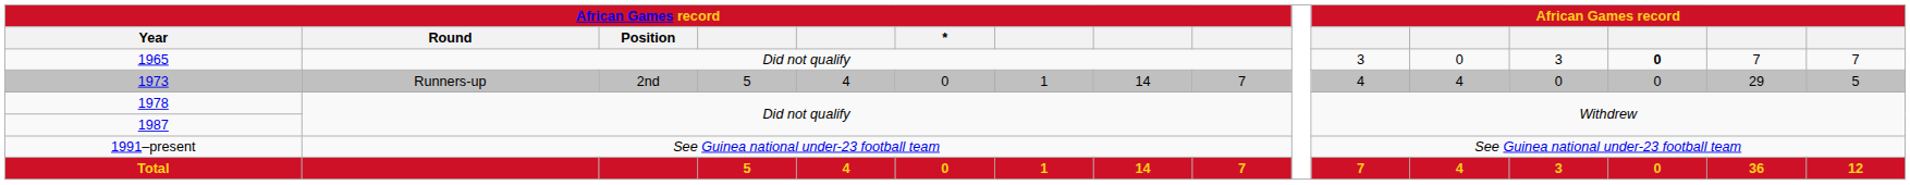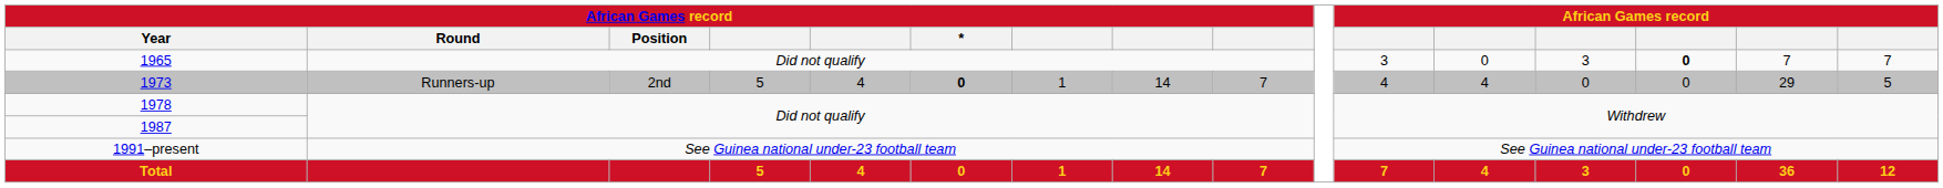 <table class="wikitable" class="wikitable" style="font-size:90%; text-align:center; width:100%">
 <tr>
 <th colspan="9" style="background:#CE1126; color:#FCD116; "><a href='#'><span>African Games</span></a> record</th>
 <th rowspan="10" style="width:1%;background:white"></th>
 <th colspan="6" style="background:#CE1126; color:#FCD116; ">African Games record</th>
 </tr>
 <tr>
 <th width="15%">Year</th>
 <th width="15%">Round</th>
 <th width="5%">Position</th>
 <th width="5%"></th>
 <th width="5%"></th>
 <th width="5%">*</th>
 <th width="5%"></th>
 <th width="5%"></th>
 <th width="5%"></th>
 <th width="5%"></th>
 <th width="5%"></th>
 <th width="5%"></th>
 <th width="5%"></th>
 <th width="5%"></th>
 <th width="5%"></th>
 </tr>
 <tr>
 <td>  <a href='#'>1965</a></td>
 <td colspan="9"><em>Did not qualify</em></td>
 <td>3</td>
 <td>0</td>
 <td>3</td>
 <td><strong>0</strong></td>
 <td>7</td>
 <td>7</td>
 </tr>
 <tr style="background:silver;">
 <td> <a href='#'>1973</a></td>
 <td>Runners-up</td>
 <td>2nd</td>
 <td>5</td>
 <td>4</td>
-<td>0</td>
+<td><strong>0</strong></td>
 <td>1</td>
 <td>14</td>
 <td>7</td>
 <td>4</td>
 <td>4</td>
 <td>0</td>
 <td>0</td>
 <td>29</td>
 <td>5</td>
 </tr>
 <tr>
 <td>  <a href='#'>1978</a></td>
 <td colspan="9" rowspan="2"><em>Did not qualify</em></td>
 <td colspan="6" rowspan="2"><em>Withdrew</em></td>
 </tr>
 <tr>
 <td>  <a href='#'>1987</a></td>
 </tr>
 <tr>
 <td><a href='#'>1991</a>–present</td>
 <td colspan="9"><em>See <a href='#'>Guinea national under-23 football team</a></em></td>
 <td colspan="6"><em>See <a href='#'>Guinea national under-23 football team</a></em></td>
 </tr>
 <tr>
 <th style="background:#CE1126; color:#FCD116; ">Total</th>
 <th style="background:#CE1126; color:#FCD116; "></th>
 <th style="background:#CE1126; color:#FCD116; "></th>
 <th style="background:#CE1126; color:#FCD116; ">5</th>
 <th style="background:#CE1126; color:#FCD116; ">4</th>
 <th style="background:#CE1126; color:#FCD116; ">0</th>
 <th style="background:#CE1126; color:#FCD116; ">1</th>
 <th style="background:#CE1126; color:#FCD116; ">14</th>
 <th style="background:#CE1126; color:#FCD116; ">7</th>
 <th style="background:#CE1126; color:#FCD116; ">7</th>
 <th style="background:#CE1126; color:#FCD116; ">4</th>
 <th style="background:#CE1126; color:#FCD116; ">3</th>
 <th style="background:#CE1126; color:#FCD116; ">0</th>
 <th style="background:#CE1126; color:#FCD116; ">36</th>
 <th style="background:#CE1126; color:#FCD116; ">12</th>
 </tr>
 </table>
